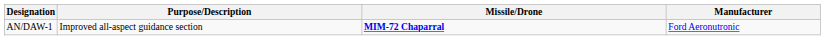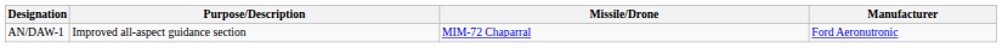 <table class="wikitable sortable">
 <tr>
 <th scope="col">Designation</th>
 <th scope="col" style="width: 500px;">Purpose/Description</th>
 <th scope="col" style="width: 500px;">Missile/Drone</th>
 <th scope="col" style="width: 250px;">Manufacturer</th>
 </tr>
 <tr>
 <td>AN/DAW-1</td>
 <td>Improved all-aspect guidance section</td>
-<td><strong><a href='#'>MIM-72 Chaparral</a></strong></td>
+<td><a href='#'>MIM-72 Chaparral</a></td>
 <td><a href='#'>Ford Aeronutronic</a></td>
 </tr>
 </table>
